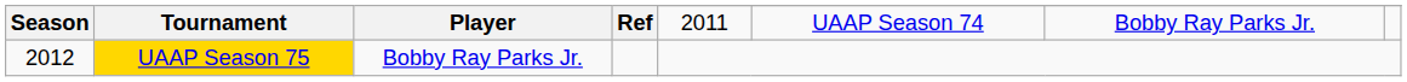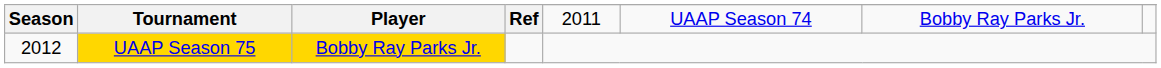 <table class="wikitable sortable" style="text-align:center" width="80%">
 <tr>
 <th style="width:25px;" rowspan="2">Season</th>
 <th style="width:180px;" rowspan="2">Tournament</th>
 <th style="width:180px;" rowspan="2">Player</th>
 <th style="width:25px;" rowspan="2">Ref</th>
 </tr>
 <tr align=center>
 <td>2011</td>
 <td><a href='#'>UAAP Season 74</a></td>
 <td><a href='#'>Bobby Ray Parks Jr.</a></td>
 <td></td>
 </tr>
 <tr align=center>
 <td>2012</td>
 <td style="background: gold;"><a href='#'>UAAP Season 75</a></td>
-<td><a href='#'>Bobby Ray Parks Jr.</a></td>
+<td style="background: gold;"><a href='#'>Bobby Ray Parks Jr.</a></td>
 <td></td>
 </tr>
 </table>
